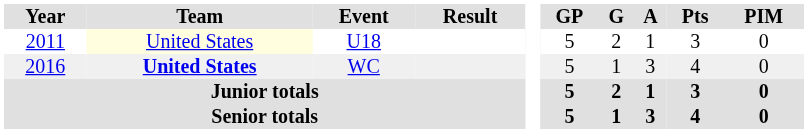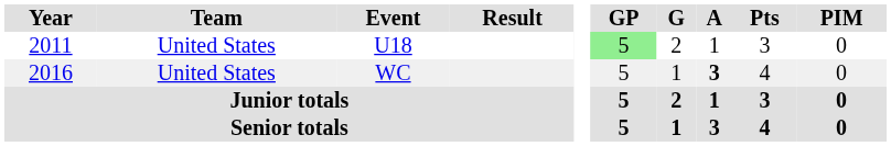 <table border="0" cellpadding="1" cellspacing="0" style="text-align:center; width:40em">
 <tr ALIGN="centre" bgcolor="#e0e0e0">
 <th>Year</th>
 <th>Team</th>
 <th>Event</th>
 <th>Result</th>
 <th rowspan="93" bgcolor="#ffffff"> </th>
 <th>GP</th>
 <th>G</th>
 <th>A</th>
 <th>Pts</th>
 <th>PIM</th>
 </tr>
 <tr>
 <td><a href='#'>2011</a></td>
-<td style="background: lightyellow;"><a href='#'>United States</a></td>
+<td><a href='#'>United States</a></td>
 <td><a href='#'>U18</a></td>
 <td></td>
-<td>5</td>
+<td style="background: lightgreen;">5</td>
 <td>2</td>
 <td>1</td>
 <td>3</td>
 <td>0</td>
 </tr>
 <tr style="background:#f0f0f0;">
 <td><a href='#'>2016</a></td>
-<td><strong><a href='#'>United States</a></strong></td>
+<td><a href='#'>United States</a></td>
 <td><a href='#'>WC</a></td>
 <td></td>
 <td>5</td>
 <td>1</td>
-<td>3</td>
+<td><strong>3</strong></td>
 <td>4</td>
 <td>0</td>
 </tr>
 <tr style="background:#e0e0e0;">
 <th colspan=4>Junior totals</th>
 <th>5</th>
 <th>2</th>
 <th>1</th>
 <th>3</th>
 <th>0</th>
 </tr>
 <tr style="background:#e0e0e0;">
 <th colspan=4>Senior totals</th>
 <th>5</th>
 <th>1</th>
 <th>3</th>
 <th>4</th>
 <th>0</th>
 </tr>
 </table>
